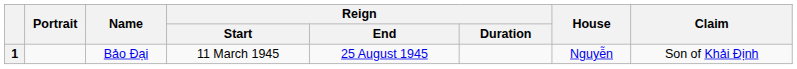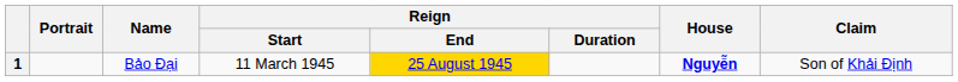 <table class="wikitable" style="text-align:center; border:1px #aaf solid; width:80%;">
 <tr>
 <th rowspan="2"></th>
 <th rowspan="2" style="width:70px;">Portrait</th>
 <th rowspan="2">Name<br></th>
 <th colspan="3">Reign</th>
 <th rowspan="2">House</th>
 <th rowspan="2">Claim</th>
 </tr>
 <tr>
 <th>Start</th>
 <th>End</th>
 <th>Duration</th>
 </tr>
 <tr>
 <th>1</th>
 <td></td>
 <td><a href='#'>Bảo Đại</a><br></td>
 <td>11 March 1945</td>
-<td><a href='#'>25 August 1945</a></td>
+<td style="background: gold;"><a href='#'>25 August 1945</a></td>
 <td></td>
-<td><a href='#'>Nguyễn</a></td>
+<td><strong><a href='#'>Nguyễn</a></strong></td>
 <td>Son of <a href='#'>Khải Định</a></td>
 </tr>
 </table>
